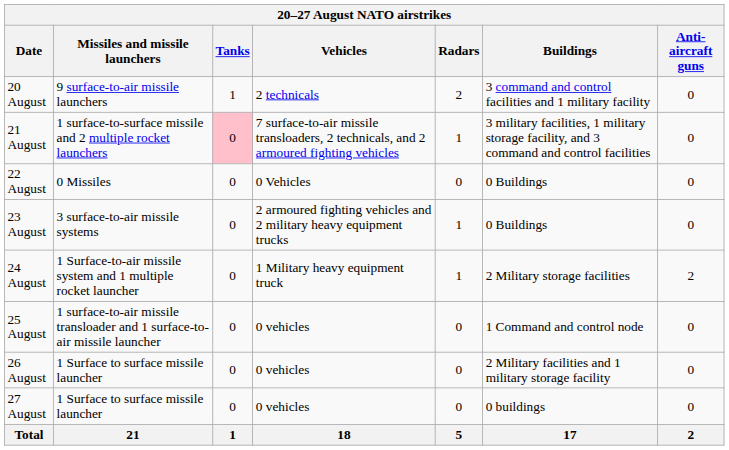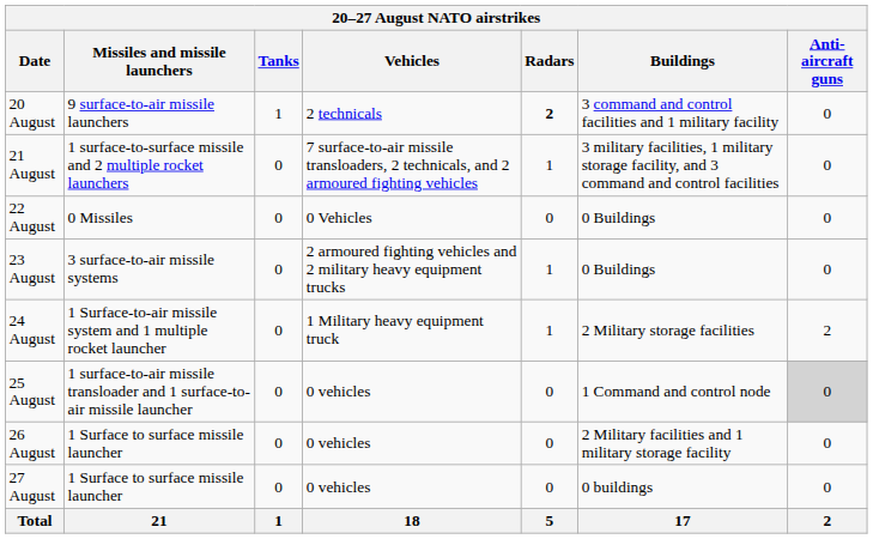 <table class="wikitable">
 <tr>
 <th colspan="7">20–27 August NATO airstrikes</th>
 </tr>
 <tr>
 <th>Date</th>
 <th>Missiles and missile launchers</th>
 <th><a href='#'>Tanks</a></th>
 <th>Vehicles</th>
 <th>Radars</th>
 <th>Buildings</th>
 <th><a href='#'>Anti-aircraft guns</a></th>
 </tr>
 <tr>
 <td>20 August<br></td>
 <td>9 <a href='#'>surface-to-air missile</a> launchers</td>
 <td align=center>1</td>
 <td>2 <a href='#'>technicals</a></td>
-<td align=center>2</td>
+<td align=center><strong>2</strong></td>
 <td>3 <a href='#'>command and control</a> facilities and 1 military facility</td>
 <td align=center>0</td>
 </tr>
 <tr>
 <td>21 August<br></td>
 <td>1 surface-to-surface missile and 2 <a href='#'>multiple rocket launchers</a></td>
-<td align=center style="background: pink;">0</td>
+<td align=center>0</td>
 <td>7 surface-to-air missile transloaders, 2 technicals, and 2 <a href='#'>armoured fighting vehicles</a></td>
 <td align=center>1</td>
 <td>3 military facilities, 1 military storage facility, and 3 command and control facilities</td>
 <td align=center>0</td>
 </tr>
 <tr>
 <td>22 August<br></td>
 <td>0 Missiles</td>
 <td align=center>0</td>
 <td>0 Vehicles</td>
 <td align=center>0</td>
 <td>0 Buildings</td>
 <td align=center>0</td>
 </tr>
 <tr>
 <td>23 August<br></td>
 <td>3 surface-to-air missile systems</td>
 <td align=center>0</td>
 <td>2 armoured fighting vehicles and 2 military heavy equipment trucks</td>
 <td align=center>1</td>
 <td>0 Buildings</td>
 <td align=center>0</td>
 </tr>
 <tr>
 <td>24 August<br></td>
 <td>1 Surface-to-air missile system and 1 multiple rocket launcher</td>
 <td align=center>0</td>
 <td>1 Military heavy equipment truck</td>
 <td align=center>1</td>
 <td>2 Military storage facilities</td>
 <td align=center>2</td>
 </tr>
 <tr>
 <td>25 August<br></td>
 <td>1 surface-to-air missile transloader and 1 surface-to-air missile launcher</td>
 <td align=center>0</td>
 <td>0 vehicles</td>
 <td align=center>0</td>
 <td>1 Command and control node</td>
-<td align=center>0</td>
+<td align=center style="background: lightgrey;">0</td>
 </tr>
 <tr>
 <td>26 August<br></td>
 <td>1 Surface to surface missile launcher</td>
 <td align=center>0</td>
 <td>0 vehicles</td>
 <td align=center>0</td>
 <td>2 Military facilities and 1 military storage facility</td>
 <td align=center>0</td>
 </tr>
 <tr>
 <td>27 August<br></td>
 <td>1 Surface to surface missile launcher</td>
 <td align=center>0</td>
 <td>0 vehicles</td>
 <td align=center>0</td>
 <td>0 buildings</td>
 <td align=center>0</td>
 </tr>
 <tr>
 <th>Total</th>
 <th>21</th>
 <th>1</th>
 <th>18</th>
 <th>5</th>
 <th>17</th>
 <th>2</th>
 </tr>
 </table>
